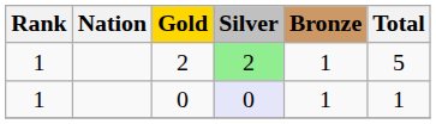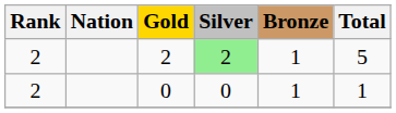 <table class="wikitable sortable" style="text-align:center">
 <tr>
 <th>Rank</th>
 <th>Nation</th>
 <th style="background-color:gold">Gold</th>
 <th style="background-color:silver">Silver</th>
 <th style="background-color:#cc9966">Bronze</th>
 <th>Total</th>
 </tr>
 <tr>
-<td>1</td>
+<td>2</td>
 <td align=left></td>
 <td>2</td>
 <td style="background: lightgreen;">2</td>
 <td>1</td>
 <td>5</td>
 </tr>
 <tr>
-<td>1</td>
+<td>2</td>
 <td align=left></td>
 <td>0</td>
-<td style="background: lavender;">0</td>
+<td>0</td>
 <td>1</td>
 <td>1</td>
 </tr>
 <tr>
 </tr>
 </table>
